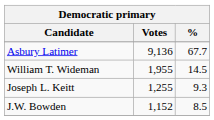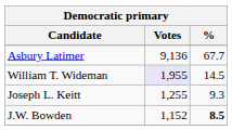 <table class="wikitable" align="left" style="margin: 1em 1em 1em 0; font-size: 95%;">
 <tr>
 <th colspan="3">Democratic primary</th>
 </tr>
 <tr>
 <th colspan="1" style="width: 170px">Candidate</th>
 <th style="width: 50px">Votes</th>
 <th style="width: 40px">%</th>
 </tr>
 <tr>
 </tr>
 <tr>
 <td><a href='#'>Asbury Latimer</a></td>
 <td align="right">9,136</td>
 <td align="right">67.7</td>
 </tr>
 <tr>
 <td>William T. Wideman</td>
-<td align="right">1,955</td>
+<td align="right" style="background: lavender;">1,955</td>
 <td align="right">14.5</td>
 </tr>
 <tr>
 <td>Joseph L. Keitt</td>
 <td align="right">1,255</td>
 <td align="right">9.3</td>
 </tr>
 <tr>
 <td>J.W. Bowden</td>
 <td align="right">1,152</td>
-<td align="right">8.5</td>
+<td align="right"><strong>8.5</strong></td>
 </tr>
 <tr>
 </tr>
 </table>
